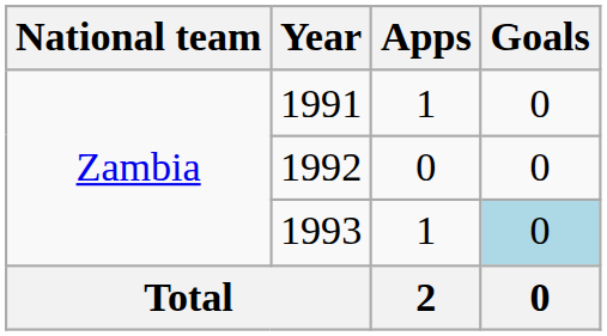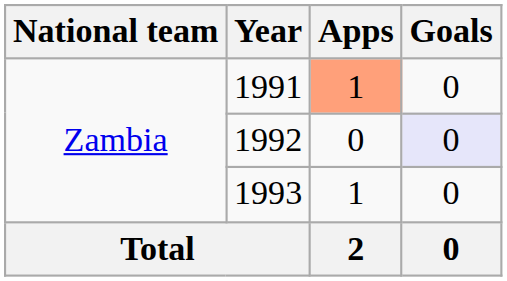 <table class="wikitable" style="text-align: center;">
 <tr>
 <th>National team</th>
 <th>Year</th>
 <th>Apps</th>
 <th>Goals</th>
 </tr>
 <tr>
 <td rowspan="3"><a href='#'>Zambia</a></td>
 <td>1991</td>
-<td>1</td>
+<td style="background: lightsalmon;">1</td>
 <td>0</td>
 </tr>
 <tr>
 <td>1992</td>
 <td>0</td>
-<td>0</td>
+<td style="background: lavender;">0</td>
 </tr>
 <tr>
 <td>1993</td>
 <td>1</td>
-<td style="background: lightblue;">0</td>
+<td>0</td>
 </tr>
 <tr>
 <th colspan="2">Total</th>
 <th>2</th>
 <th>0</th>
 </tr>
 </table>
